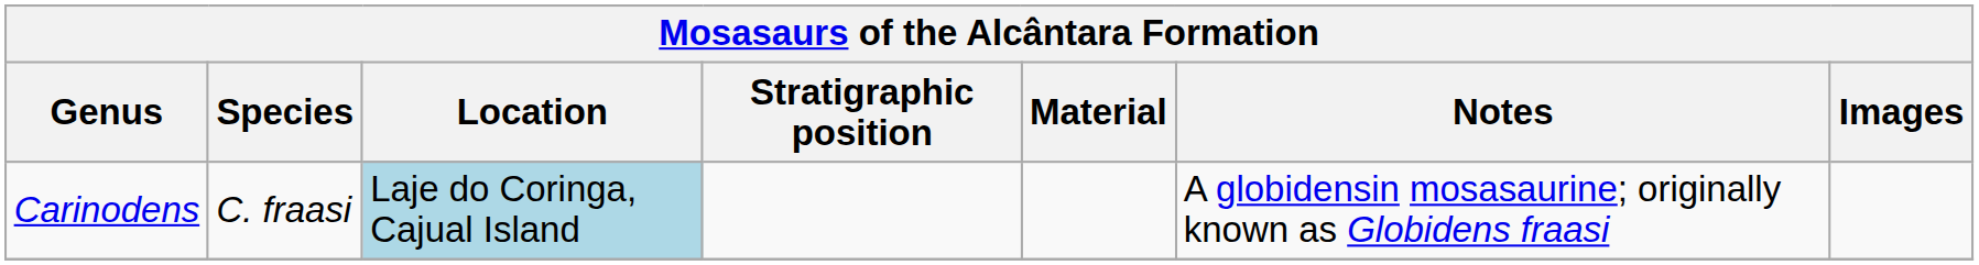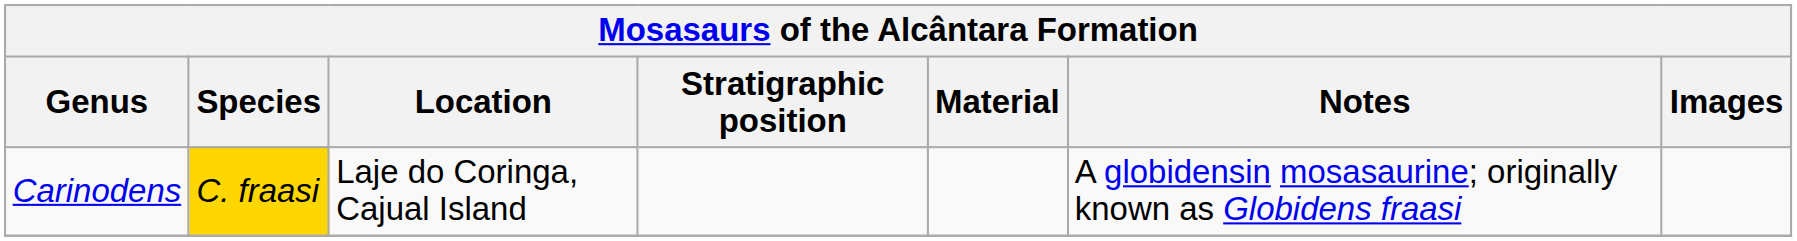 <table class="wikitable" align="center">
 <tr>
 <th colspan="7" align="center"><a href='#'>Mosasaurs</a> of the Alcântara Formation</th>
 </tr>
 <tr>
 <th>Genus</th>
 <th>Species</th>
 <th>Location</th>
 <th>Stratigraphic position</th>
 <th>Material</th>
 <th>Notes</th>
 <th>Images</th>
 </tr>
 <tr>
 <td><em><a href='#'>Carinodens</a></em></td>
-<td><em>C. fraasi</em></td>
-<td style="background: lightblue;">Laje do Coringa, Cajual Island</td>
+<td style="background: gold;"><em>C. fraasi</em></td>
+<td>Laje do Coringa, Cajual Island</td>
 <td></td>
 <td></td>
 <td>A <a href='#'>globidensin</a> <a href='#'>mosasaurine</a>; originally known as <em><a href='#'>Globidens fraasi</a></em></td>
 <td></td>
 </tr>
 <tr>
 </tr>
 </table>
